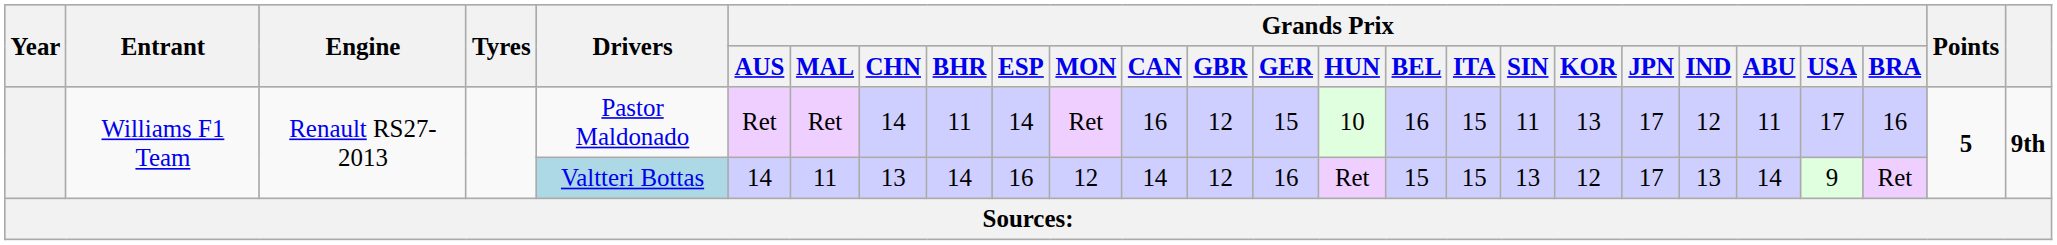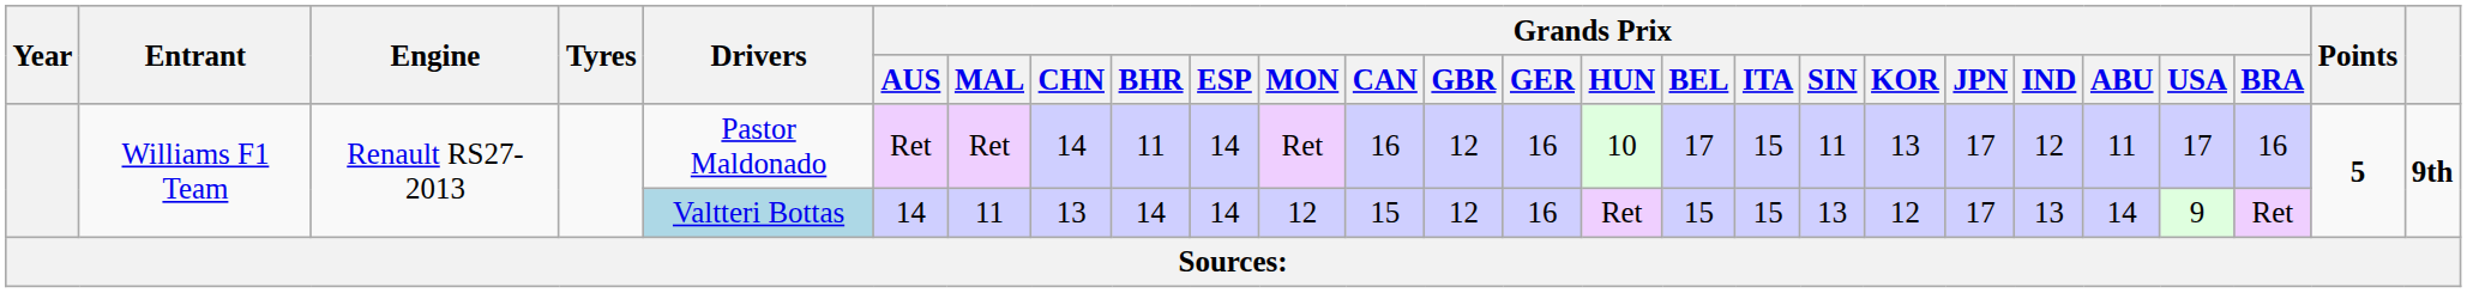 <table class="wikitable" style="text-align:center; font-size:95%">
 <tr>
 <th rowspan="2">Year</th>
 <th rowspan="2">Entrant</th>
 <th rowspan="2">Engine</th>
 <th rowspan="2">Tyres</th>
 <th rowspan="2">Drivers</th>
 <th colspan="19">Grands Prix</th>
 <th rowspan="2">Points</th>
 <th rowspan="2"></th>
 </tr>
 <tr>
 <th><a href='#'>AUS</a></th>
 <th><a href='#'>MAL</a></th>
 <th><a href='#'>CHN</a></th>
 <th><a href='#'>BHR</a></th>
 <th><a href='#'>ESP</a></th>
 <th><a href='#'>MON</a></th>
 <th><a href='#'>CAN</a></th>
 <th><a href='#'>GBR</a></th>
 <th><a href='#'>GER</a></th>
 <th><a href='#'>HUN</a></th>
 <th><a href='#'>BEL</a></th>
 <th><a href='#'>ITA</a></th>
 <th><a href='#'>SIN</a></th>
 <th><a href='#'>KOR</a></th>
 <th><a href='#'>JPN</a></th>
 <th><a href='#'>IND</a></th>
 <th><a href='#'>ABU</a></th>
 <th><a href='#'>USA</a></th>
 <th><a href='#'>BRA</a></th>
 </tr>
 <tr>
 <th rowspan=2></th>
 <td rowspan=2><a href='#'>Williams F1 Team</a></td>
 <td rowspan=2><a href='#'>Renault</a> RS27-2013</td>
 <td rowspan=2></td>
 <td align="center"><a href='#'>Pastor Maldonado</a></td>
 <td style="background:#efcfff;">Ret</td>
 <td style="background:#efcfff;">Ret</td>
 <td style="background:#cfcfff;">14</td>
 <td style="background:#cfcfff;">11</td>
 <td style="background:#cfcfff;">14</td>
 <td style="background:#efcfff;">Ret</td>
 <td style="background:#cfcfff;">16</td>
 <td style="background:#cfcfff;">12</td>
-<td style="background:#cfcfff;">15</td>
+<td style="background:#cfcfff;">16</td>
 <td style="background:#dfffdf;">10</td>
-<td style="background:#cfcfff;">16</td>
+<td style="background:#cfcfff;">17</td>
 <td style="background:#cfcfff;">15</td>
 <td style="background:#cfcfff;">11</td>
 <td style="background:#cfcfff;">13</td>
 <td style="background:#cfcfff;">17</td>
 <td style="background:#cfcfff;">12</td>
 <td style="background:#cfcfff;">11</td>
 <td style="background:#cfcfff;">17</td>
 <td style="background:#cfcfff;">16</td>
 <td rowspan="2"><strong>5</strong></td>
 <td rowspan="2"><strong>9th</strong></td>
 </tr>
 <tr>
 <td align="center" style="background: lightblue;"><a href='#'>Valtteri Bottas</a></td>
 <td style="background:#CFCFFF;">14</td>
 <td style="background:#cfcfff;">11</td>
 <td style="background:#cfcfff;">13</td>
 <td style="background:#cfcfff;">14</td>
-<td style="background:#cfcfff;">16</td>
+<td style="background:#cfcfff;">14</td>
 <td style="background:#cfcfff;">12</td>
-<td style="background:#cfcfff;">14</td>
+<td style="background:#cfcfff;">15</td>
 <td style="background:#cfcfff;">12</td>
 <td style="background:#cfcfff;">16</td>
 <td style="background:#efcfff;">Ret</td>
 <td style="background:#cfcfff;">15</td>
 <td style="background:#cfcfff;">15</td>
 <td style="background:#cfcfff;">13</td>
 <td style="background:#cfcfff;">12</td>
 <td style="background:#cfcfff;">17</td>
 <td style="background:#cfcfff;">13</td>
 <td style="background:#cfcfff;">14</td>
 <td style="background:#dfffdf;">9</td>
 <td style="background:#efcfff;">Ret</td>
 </tr>
 <tr>
 <th colspan="27">Sources:</th>
 </tr>
 </table>
